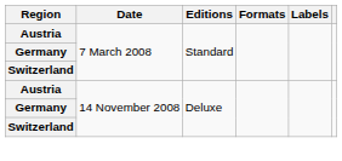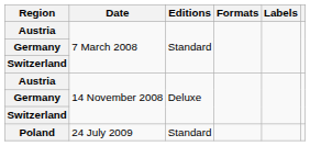 <table class="wikitable plainrowheaders">
 <tr>
 <th scope="col">Region</th>
 <th scope="col">Date</th>
 <th scope="col">Editions</th>
 <th scope="col">Formats</th>
 <th scope="col">Labels</th>
 <th scope="col"></th>
 </tr>
 <tr>
 <th scope="row">Austria</th>
 <td rowspan="3">7 March 2008</td>
 <td rowspan="3">Standard</td>
 <td rowspan="3"></td>
 <td rowspan="3"></td>
 <td rowspan="3" style="text-align:center;"></td>
 </tr>
 <tr>
 <th scope="row">Germany</th>
 </tr>
 <tr>
 <th scope="row">Switzerland</th>
 </tr>
 <tr>
 <th scope="row">Austria</th>
 <td rowspan="3">14 November 2008</td>
 <td rowspan="3">Deluxe</td>
 <td rowspan="3"></td>
 <td rowspan="3"></td>
 <td rowspan="3" style="text-align:center;"></td>
 </tr>
 <tr>
 <th scope="row">Germany</th>
 </tr>
 <tr>
 <th scope="row">Switzerland</th>
 </tr>
+<tr>
+<th scope="row">Poland</th>
+<td rowspan="1">24 July 2009</td>
+<td rowspan="1">Standard</td>
+<td rowspan="1"></td>
+<td rowspan="1"></td>
+<td style="text-align:center;"></td>
+</tr>
 </table>
